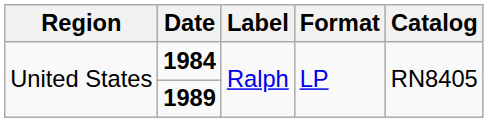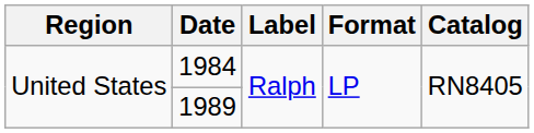 <table class="wikitable">
 <tr>
 <th>Region</th>
 <th>Date</th>
 <th>Label</th>
 <th>Format</th>
 <th>Catalog</th>
 </tr>
 <tr>
 <td rowspan="2">United States</td>
-<td><strong>1984</strong></td>
+<td>1984</td>
 <td rowspan="2"><a href='#'>Ralph</a></td>
 <td rowspan="2"><a href='#'>LP</a></td>
 <td rowspan="2">RN8405</td>
 </tr>
 <tr>
-<td><strong>1989</strong></td>
+<td>1989</td>
 </tr>
 </table>
